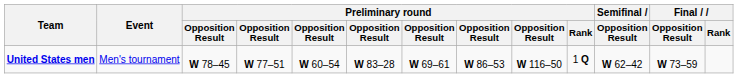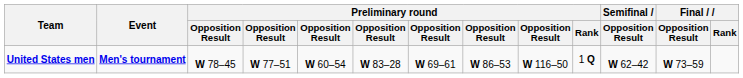 <table class=wikitable style=font-size:90%>
 <tr>
 <th rowspan=2>Team</th>
 <th rowspan=2>Event</th>
 <th colspan=8>Preliminary round</th>
 <th>Semifinal / </th>
 <th colspan=2>Final /  / </th>
 </tr>
 <tr style=font-size:95%>
 <th>Opposition<br>Result</th>
 <th>Opposition<br>Result</th>
 <th>Opposition<br>Result</th>
 <th>Opposition<br>Result</th>
 <th>Opposition<br>Result</th>
 <th>Opposition<br>Result</th>
 <th>Opposition<br>Result</th>
 <th>Rank</th>
 <th>Opposition<br>Result</th>
 <th>Opposition<br>Result</th>
 <th>Rank</th>
 </tr>
 <tr align=center>
 <td align=left><strong><a href='#'>United States men</a></strong></td>
-<td align=left><a href='#'>Men's tournament</a></td>
+<td align=left><strong><a href='#'>Men's tournament</a></strong></td>
 <td><br><strong>W</strong> 78–45</td>
 <td><br><strong>W</strong> 77–51</td>
 <td><br><strong>W</strong> 60–54</td>
 <td><br><strong>W</strong> 83–28</td>
 <td><br><strong>W</strong> 69–61</td>
 <td><br><strong>W</strong> 86–53</td>
 <td><br><strong>W</strong> 116–50</td>
 <td>1 <strong>Q</strong></td>
 <td><br><strong>W</strong> 62–42</td>
 <td><br><strong>W</strong> 73–59</td>
 <td></td>
 </tr>
 </table>
